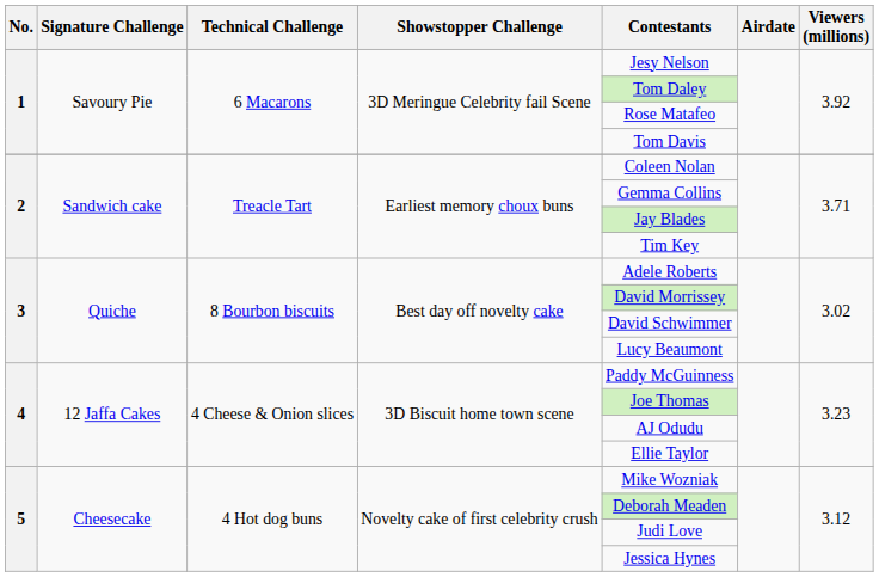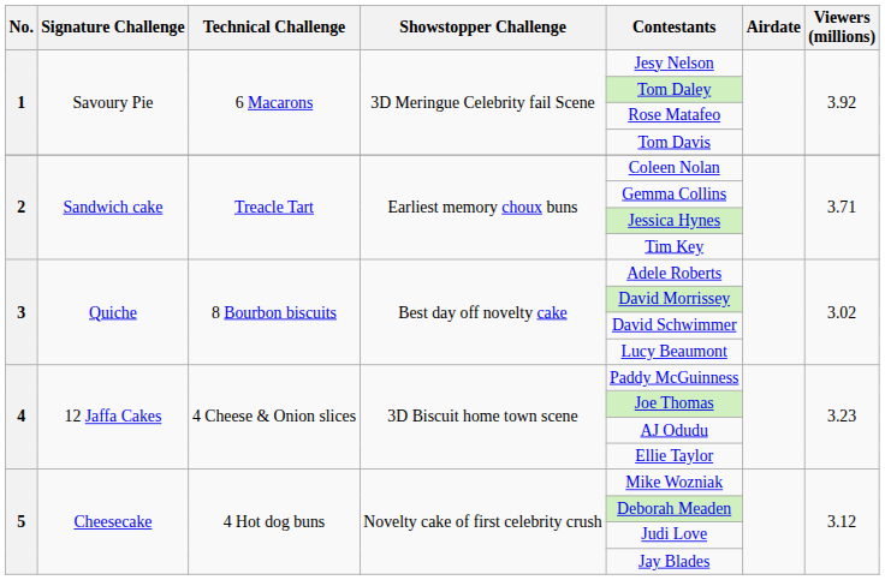 <table class="wikitable" style="text-align:center;">
 <tr>
 <th scope="col">No.</th>
 <th scope="col">Signature Challenge</th>
 <th scope="col">Technical Challenge</th>
 <th scope="col">Showstopper Challenge</th>
 <th scope="col">Contestants</th>
 <th scope="col">Airdate</th>
 <th scope="col">Viewers<br>(millions)</th>
 </tr>
 <tr>
 <th scope="rowgroup" rowspan=4>1</th>
 <td rowspan=4>Savoury Pie</td>
 <td rowspan=4>6 <a href='#'>Macarons</a></td>
 <td rowspan=4>3D Meringue Celebrity fail Scene</td>
 <td><a href='#'>Jesy Nelson</a></td>
 <td rowspan=4></td>
 <td rowspan=4>3.92</td>
 </tr>
 <tr style="background:#d0f0c0">
 <td><a href='#'>Tom Daley</a></td>
 </tr>
 <tr>
 <td><a href='#'>Rose Matafeo</a></td>
 </tr>
 <tr>
 <td><a href='#'>Tom Davis</a></td>
 </tr>
 <tr>
 </tr>
 <tr>
 <th scope="rowgroup" rowspan=4>2</th>
 <td rowspan=4><a href='#'>Sandwich cake</a></td>
 <td rowspan=4><a href='#'>Treacle Tart</a></td>
 <td rowspan=4>Earliest memory <a href='#'>choux</a> buns</td>
 <td><a href='#'>Coleen Nolan</a></td>
 <td rowspan=4></td>
 <td rowspan=4>3.71</td>
 </tr>
 <tr>
 <td><a href='#'>Gemma Collins</a></td>
 </tr>
 <tr style="background:#d0f0c0">
-<td><a href='#'>Jay Blades</a></td>
+<td><a href='#'>Jessica Hynes</a></td>
 </tr>
 <tr>
 <td><a href='#'>Tim Key</a></td>
 </tr>
 <tr>
 <th scope="rowgroup" rowspan=4>3</th>
 <td rowspan=4><a href='#'>Quiche</a></td>
 <td rowspan=4>8 <a href='#'>Bourbon biscuits</a></td>
 <td rowspan=4>Best day off novelty <a href='#'>cake</a></td>
 <td><a href='#'>Adele Roberts</a></td>
 <td rowspan=4></td>
 <td rowspan=4>3.02</td>
 </tr>
 <tr style="background:#d0f0c0">
 <td><a href='#'>David Morrissey</a></td>
 </tr>
 <tr>
 <td><a href='#'>David Schwimmer</a></td>
 </tr>
 <tr>
 <td><a href='#'>Lucy Beaumont</a></td>
 </tr>
 <tr>
 <th scope="rowgroup" rowspan=4>4</th>
 <td rowspan=4>12 <a href='#'>Jaffa Cakes</a></td>
 <td rowspan=4>4 Cheese & Onion slices</td>
 <td rowspan=4>3D Biscuit home town scene</td>
 <td><a href='#'>Paddy McGuinness</a></td>
 <td rowspan=4></td>
 <td rowspan=4>3.23</td>
 </tr>
 <tr style="background:#d0f0c0">
 <td><a href='#'>Joe Thomas</a></td>
 </tr>
 <tr>
 <td><a href='#'>AJ Odudu</a></td>
 </tr>
 <tr>
 <td><a href='#'>Ellie Taylor</a></td>
 </tr>
 <tr>
 <th scope="rowgroup" rowspan=4>5</th>
 <td rowspan=4><a href='#'>Cheesecake</a></td>
 <td rowspan=4>4 Hot dog buns</td>
 <td rowspan=4>Novelty cake of first celebrity crush</td>
 <td><a href='#'>Mike Wozniak</a></td>
 <td rowspan=4></td>
 <td rowspan=4>3.12</td>
 </tr>
 <tr style="background:#d0f0c0">
 <td><a href='#'>Deborah Meaden</a></td>
 </tr>
 <tr>
 <td><a href='#'>Judi Love</a></td>
 </tr>
 <tr>
-<td><a href='#'>Jessica Hynes</a></td>
+<td><a href='#'>Jay Blades</a></td>
 </tr>
 </table>
